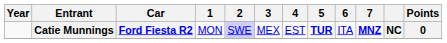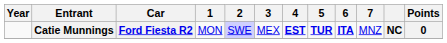 <table class="wikitable" style="text-align:center; font-size:90%">
 <tr>
 <th>Year</th>
 <th>Entrant</th>
 <th>Car</th>
 <th>1</th>
 <th>2</th>
 <th>3</th>
 <th>4</th>
 <th>5</th>
 <th>6</th>
 <th>7</th>
 <th></th>
 <th>Points</th>
 </tr>
 <tr>
 <td></td>
 <th>Catie Munnings</th>
 <th><a href='#'>Ford Fiesta R2</a></th>
 <td><a href='#'>MON</a></td>
 <td style="background:#CFCFFF"><a href='#'>SWE</a><br></td>
 <td><a href='#'>MEX</a></td>
-<td><a href='#'>EST</a></td>
+<td><strong><a href='#'>EST</a></strong></td>
 <td><strong><a href='#'>TUR</a></strong></td>
-<td><a href='#'>ITA</a></td>
-<td><strong><a href='#'>MNZ</a></strong></td>
+<td><strong><a href='#'>ITA</a></strong></td>
+<td><a href='#'>MNZ</a></td>
 <th>NC</th>
 <th>0</th>
 </tr>
 <tr>
 </tr>
 </table>
